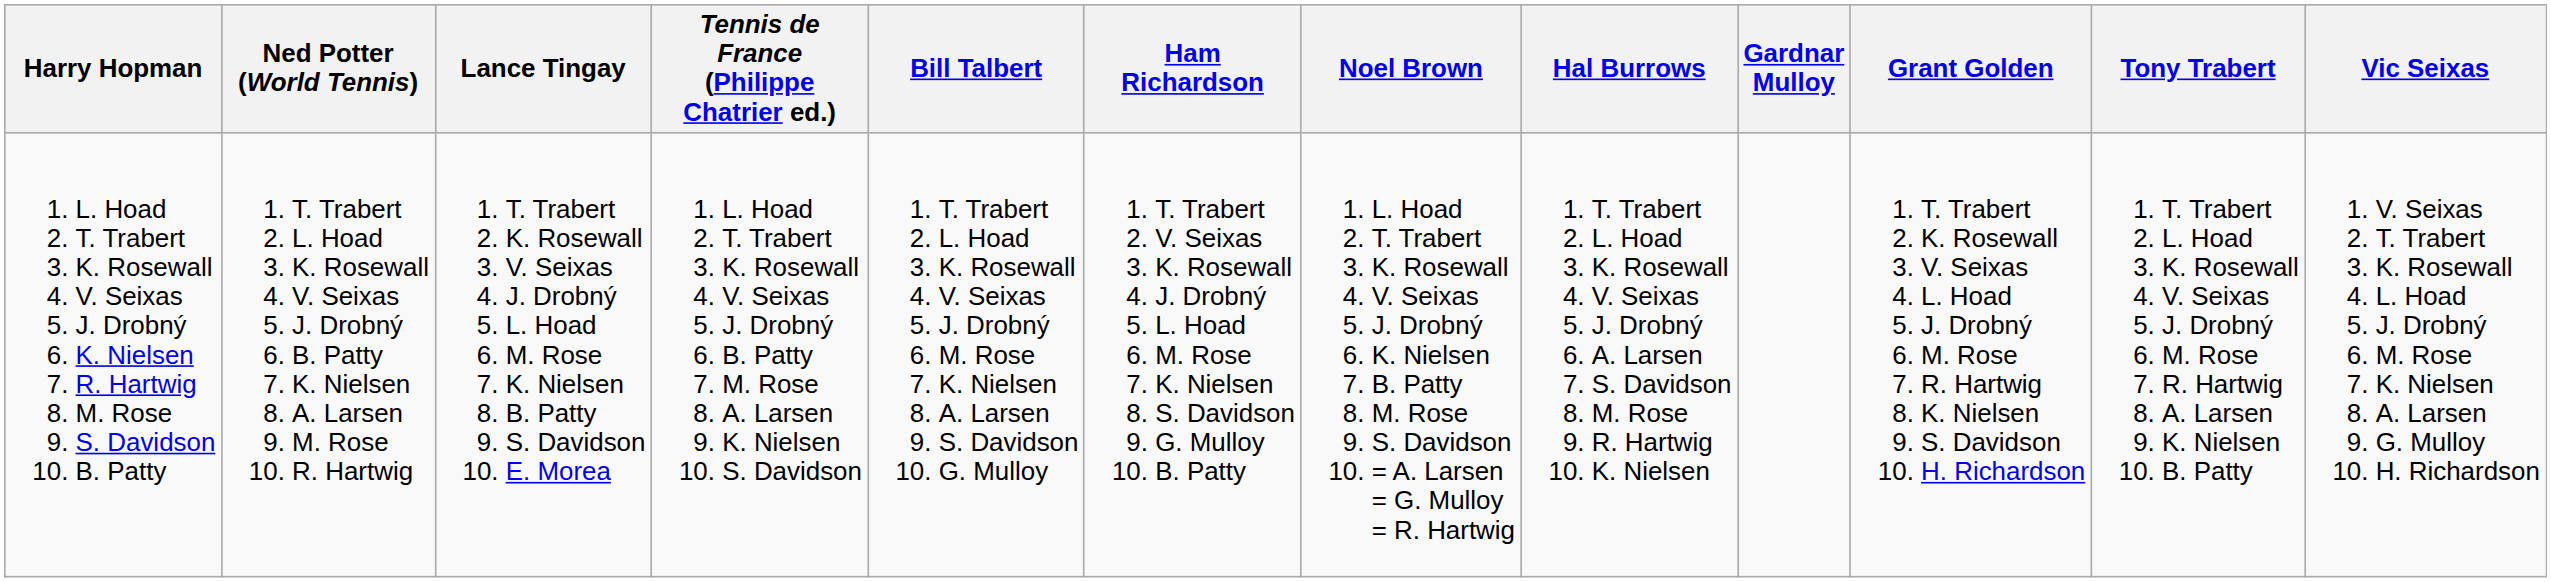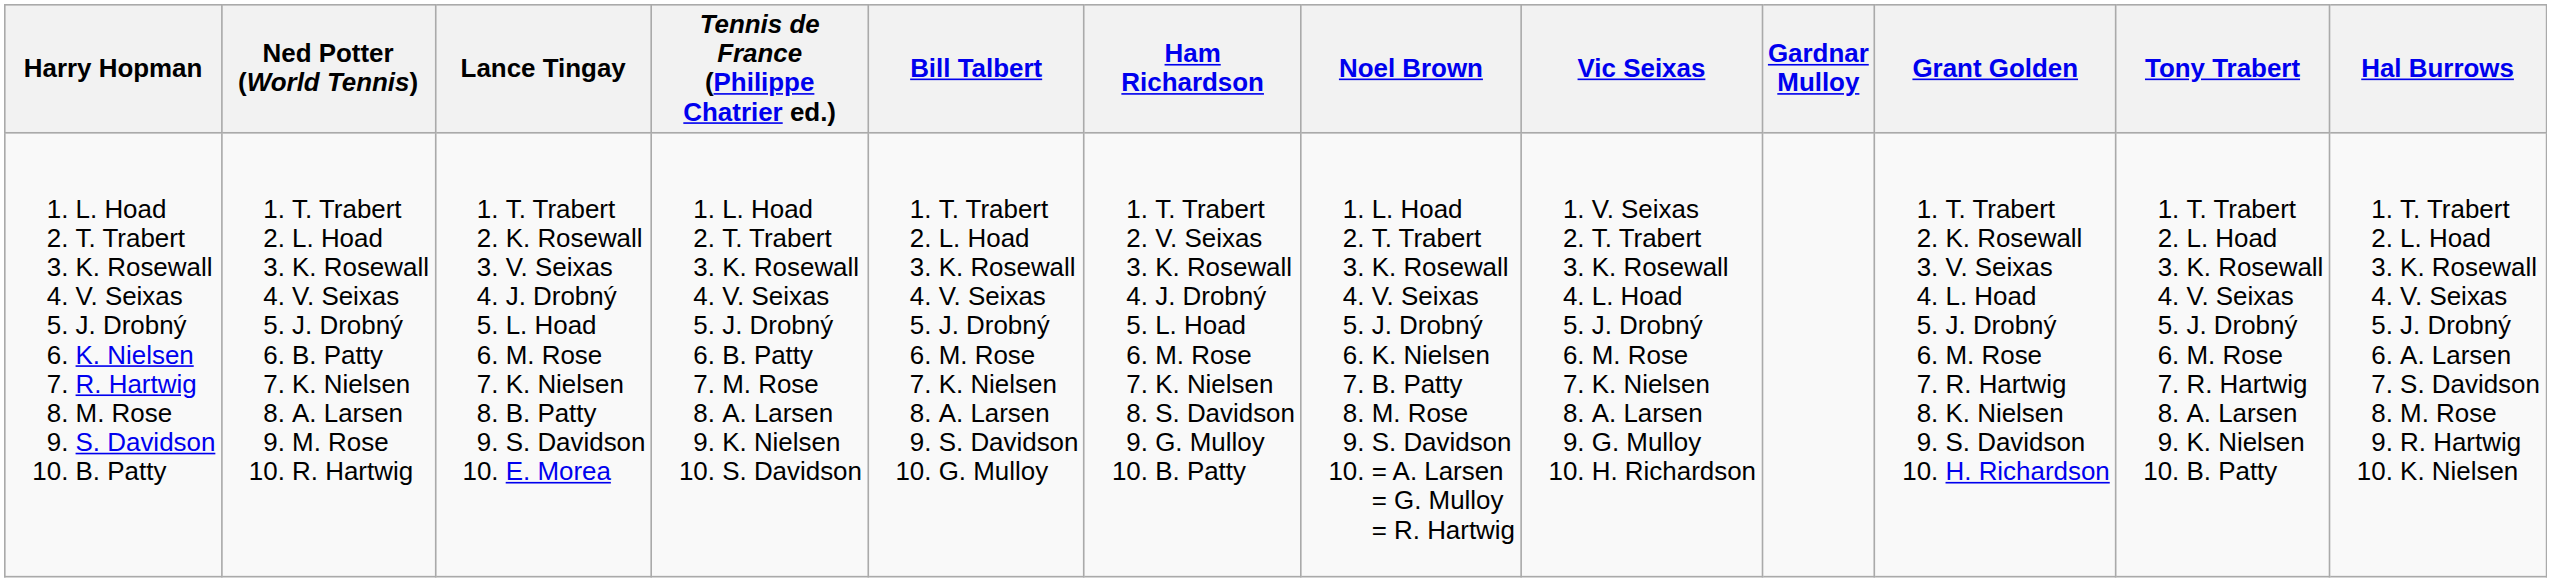 <table class="wikitable">
 <tr>
 <th>Harry Hopman</th>
 <th>Ned Potter<em></em><br>(<em>World Tennis</em>)</th>
 <th>Lance Tingay<strong></strong></th>
 <th><em>Tennis de France</em><br>(<a href='#'>Philippe Chatrier</a> ed.)</th>
 <th><a href='#'>Bill Talbert</a><em></em></th>
 <th><a href='#'>Ham Richardson</a></th>
 <th><a href='#'>Noel Brown</a><em></em></th>
-<th><a href='#'>Hal Burrows</a><em></em></th>
+<th><a href='#'>Vic Seixas</a></th>
 <th><a href='#'>Gardnar Mulloy</a></th>
 <th><a href='#'>Grant Golden</a></th>
 <th><a href='#'>Tony Trabert</a><em></em></th>
-<th><a href='#'>Vic Seixas</a></th>
+<th><a href='#'>Hal Burrows</a><em></em></th>
 </tr>
 <tr style="vertical-align: top;">
 <td style="white-space: nowrap;"><br><ol><li> L. Hoad</li><li> T. Trabert</li><li> K. Rosewall</li><li> V. Seixas</li><li> J. Drobný</li><li> <a href='#'>K. Nielsen</a></li><li> <a href='#'>R. Hartwig</a></li><li> M. Rose</li><li> <a href='#'>S. Davidson</a></li><li> B. Patty</li></ol></td>
 <td style="white-space: nowrap;"><br><ol><li> T. Trabert</li><li> L. Hoad</li><li> K. Rosewall</li><li> V. Seixas</li><li> J. Drobný</li><li> B. Patty</li><li> K. Nielsen</li><li> A. Larsen</li><li> M. Rose</li><li> R. Hartwig</li></ol></td>
 <td style="white-space: nowrap;"><br><ol><li> T. Trabert</li><li> K. Rosewall</li><li> V. Seixas</li><li> J. Drobný</li><li> L. Hoad</li><li> M. Rose</li><li> K. Nielsen</li><li> B. Patty</li><li> S. Davidson</li><li> <a href='#'>E. Morea</a></li></ol></td>
 <td style="white-space: nowrap;"><br><ol><li> L. Hoad</li><li> T. Trabert</li><li> K. Rosewall</li><li> V. Seixas</li><li> J. Drobný</li><li> B. Patty</li><li> M. Rose</li><li> A. Larsen</li><li> K. Nielsen</li><li> S. Davidson</li></ol></td>
 <td style="white-space: nowrap;"><br><ol><li> T. Trabert</li><li> L. Hoad</li><li> K. Rosewall</li><li> V. Seixas</li><li> J. Drobný</li><li> M. Rose</li><li> K. Nielsen</li><li> A. Larsen</li><li> S. Davidson</li><li> G. Mulloy</li></ol></td>
 <td style="white-space: nowrap;"><br><ol><li> T. Trabert</li><li> V. Seixas</li><li> K. Rosewall</li><li> J. Drobný</li><li> L. Hoad</li><li> M. Rose</li><li> K. Nielsen</li><li> S. Davidson</li><li> G. Mulloy</li><li> B. Patty</li></ol></td>
 <td style="white-space: nowrap;"><br><ol><li> L. Hoad</li><li> T. Trabert</li><li> K. Rosewall</li><li> V. Seixas</li><li> J. Drobný</li><li> K. Nielsen</li><li> B. Patty</li><li> M. Rose</li><li> S. Davidson</li><li>= A. Larsen<br>= G. Mulloy<br>= R. Hartwig</li></ol></td>
-<td style="white-space: nowrap;"><br><ol><li> T. Trabert</li><li> L. Hoad</li><li> K. Rosewall</li><li> V. Seixas</li><li> J. Drobný</li><li> A. Larsen</li><li> S. Davidson</li><li> M. Rose</li><li> R. Hartwig</li><li> K. Nielsen</li></ol></td>
+<td style="white-space: nowrap;"><br><ol><li> V. Seixas</li><li> T. Trabert</li><li> K. Rosewall</li><li> L. Hoad</li><li> J. Drobný</li><li> M. Rose</li><li> K. Nielsen</li><li> A. Larsen</li><li> G. Mulloy</li><li> H. Richardson</li></ol></td>
 <td style="white-space: nowrap;"><br></td>
 <td style="white-space: nowrap;"><br><ol><li> T. Trabert</li><li> K. Rosewall</li><li> V. Seixas</li><li> L. Hoad</li><li> J. Drobný</li><li> M. Rose</li><li> R. Hartwig</li><li> K. Nielsen</li><li> S. Davidson</li><li> <a href='#'>H. Richardson</a></li></ol></td>
 <td style="white-space: nowrap;"><br><ol><li> T. Trabert</li><li> L. Hoad</li><li> K. Rosewall</li><li> V. Seixas</li><li> J. Drobný</li><li> M. Rose</li><li> R. Hartwig</li><li> A. Larsen</li><li> K. Nielsen</li><li> B. Patty</li></ol></td>
-<td style="white-space: nowrap;"><br><ol><li> V. Seixas</li><li> T. Trabert</li><li> K. Rosewall</li><li> L. Hoad</li><li> J. Drobný</li><li> M. Rose</li><li> K. Nielsen</li><li> A. Larsen</li><li> G. Mulloy</li><li> H. Richardson</li></ol></td>
+<td style="white-space: nowrap;"><br><ol><li> T. Trabert</li><li> L. Hoad</li><li> K. Rosewall</li><li> V. Seixas</li><li> J. Drobný</li><li> A. Larsen</li><li> S. Davidson</li><li> M. Rose</li><li> R. Hartwig</li><li> K. Nielsen</li></ol></td>
 </tr>
 </table>
